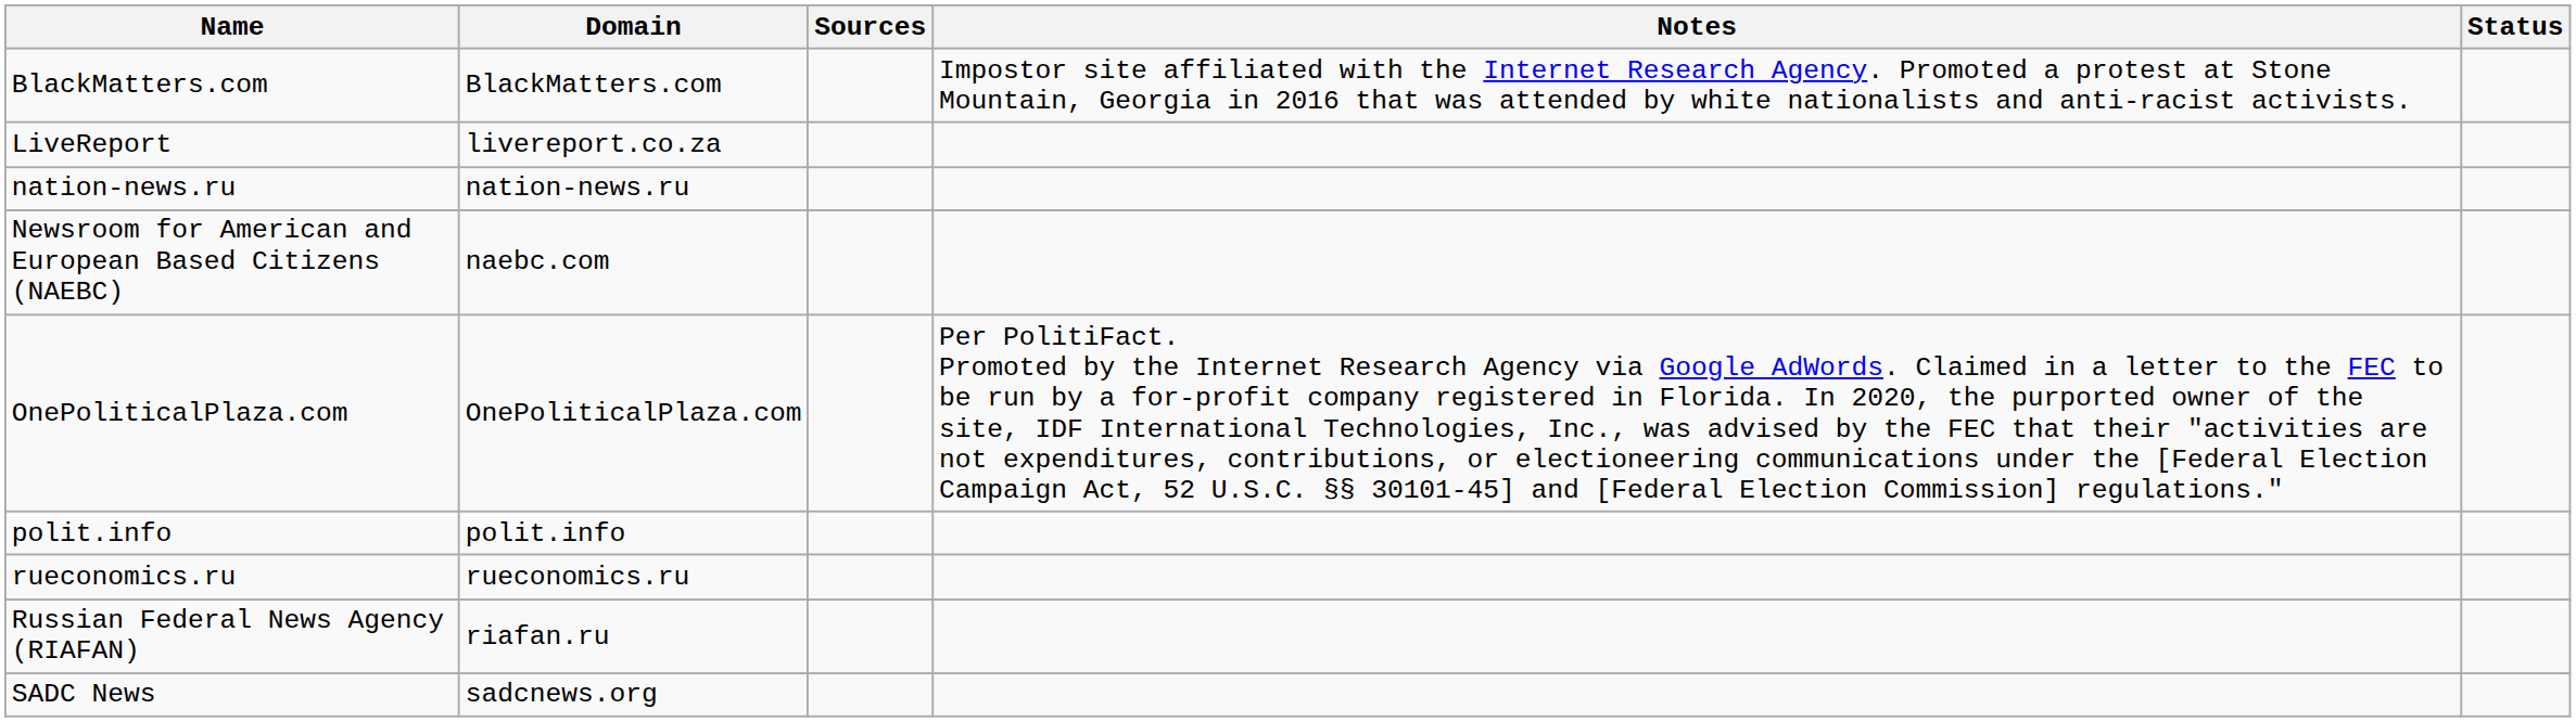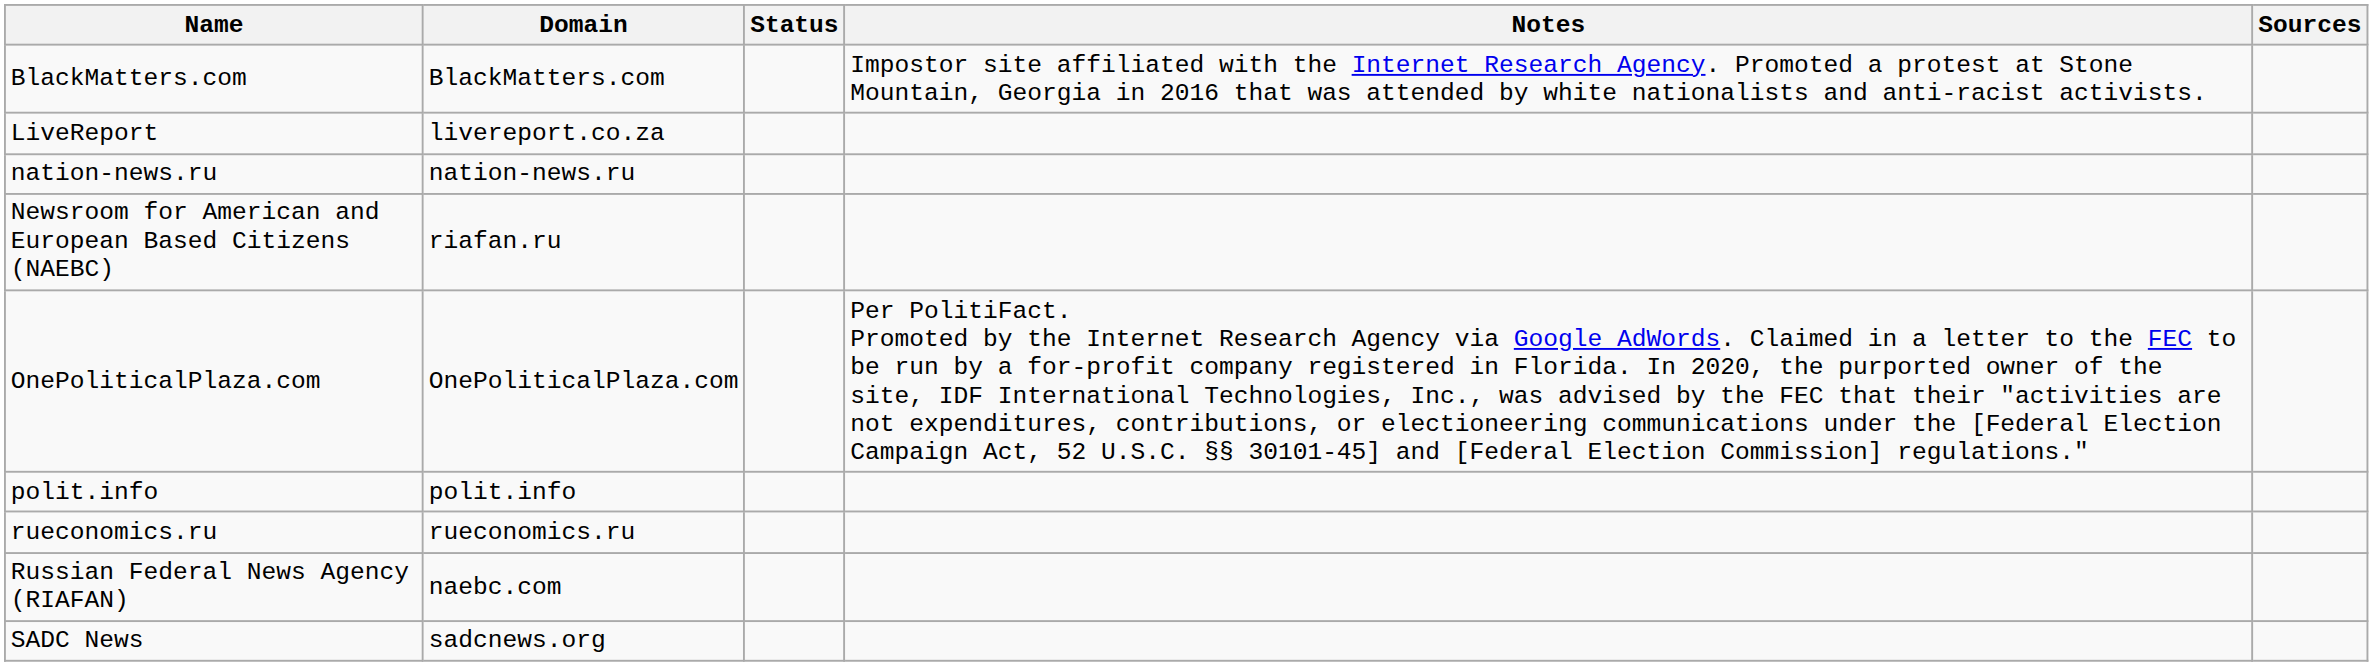 <table class="wikitable sortable mw-collapsible">
 <tr>
 <th>Name</th>
 <th>Domain</th>
+<th>Status</th>
+<th class="sortable">Notes</th>
 <th class="unsortable">Sources</th>
-<th class="sortable">Notes</th>
-<th>Status</th>
 </tr>
 <tr>
 <td>BlackMatters.com</td>
 <td>BlackMatters.com</td>
 <td></td>
 <td>Impostor site affiliated with the <a href='#'>Internet Research Agency</a>. Promoted a protest at Stone Mountain, Georgia in 2016 that was attended by white nationalists and anti-racist activists.</td>
 <td></td>
 </tr>
 <tr>
 <td>LiveReport</td>
 <td>livereport.co.za</td>
 <td></td>
 <td></td>
 <td></td>
 </tr>
 <tr>
 <td>nation-news.ru</td>
 <td>nation-news.ru</td>
 <td></td>
 <td></td>
 <td></td>
 </tr>
 <tr>
 <td>Newsroom for American and European Based Citizens (NAEBC)</td>
-<td>naebc.com</td>
+<td>riafan.ru</td>
 <td></td>
 <td></td>
 <td></td>
 </tr>
 <tr>
 <td>OnePoliticalPlaza.com</td>
 <td>OnePoliticalPlaza.com</td>
 <td></td>
 <td>Per PolitiFact.<br>Promoted by the Internet Research Agency via <a href='#'>Google AdWords</a>. Claimed in a letter to the <a href='#'>FEC</a> to be run by a for-profit company registered in Florida. In 2020, the purported owner of the site, IDF International Technologies, Inc., was advised by the FEC that their "activities are not expenditures, contributions, or electioneering communications under the [Federal Election Campaign Act, 52 U.S.C. §§ 30101-45] and [Federal Election Commission] regulations."</td>
 <td></td>
 </tr>
 <tr>
 <td>polit.info</td>
 <td>polit.info</td>
 <td></td>
 <td></td>
 <td></td>
 </tr>
 <tr>
 <td>rueconomics.ru</td>
 <td>rueconomics.ru</td>
 <td></td>
 <td></td>
 <td></td>
 </tr>
 <tr>
 <td>Russian Federal News Agency (RIAFAN)</td>
-<td>riafan.ru</td>
+<td>naebc.com</td>
 <td></td>
 <td></td>
 <td></td>
 </tr>
 <tr>
 <td>SADC News</td>
 <td>sadcnews.org</td>
 <td></td>
 <td></td>
 <td></td>
 </tr>
 </table>
